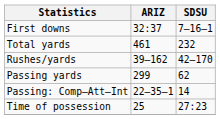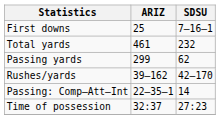 <table class="wikitable" style="float: left;">
 <tr>
 <th>Statistics</th>
 <th>ARIZ</th>
 <th>SDSU</th>
 </tr>
 <tr>
 <td>First downs</td>
-<td>32:37</td>
+<td>25</td>
 <td>7–16–1</td>
 </tr>
 <tr>
 <td>Total yards</td>
 <td>461</td>
 <td>232</td>
 </tr>
 <tr>
+<td>Passing yards</td>
+<td>299</td>
+<td>62</td>
+</tr>
+<tr>
 <td>Rushes/yards</td>
 <td>39–162</td>
 <td>42–170</td>
-</tr>
-<tr>
-<td>Passing yards</td>
-<td>299</td>
-<td>62</td>
 </tr>
 <tr>
 <td>Passing: Comp–Att–Int</td>
 <td>22–35–1</td>
 <td>14</td>
 </tr>
 <tr>
 <td>Time of possession</td>
-<td>25</td>
+<td>32:37</td>
 <td>27:23</td>
 </tr>
 <tr>
 </tr>
 </table>
